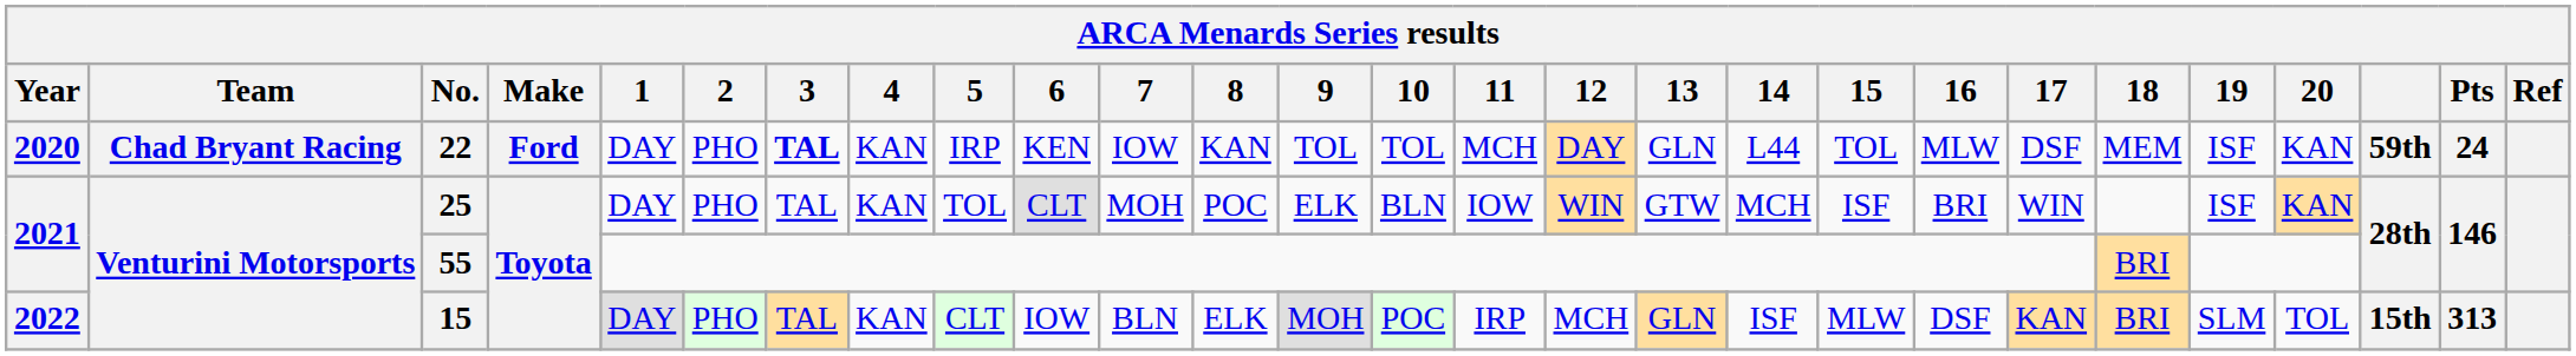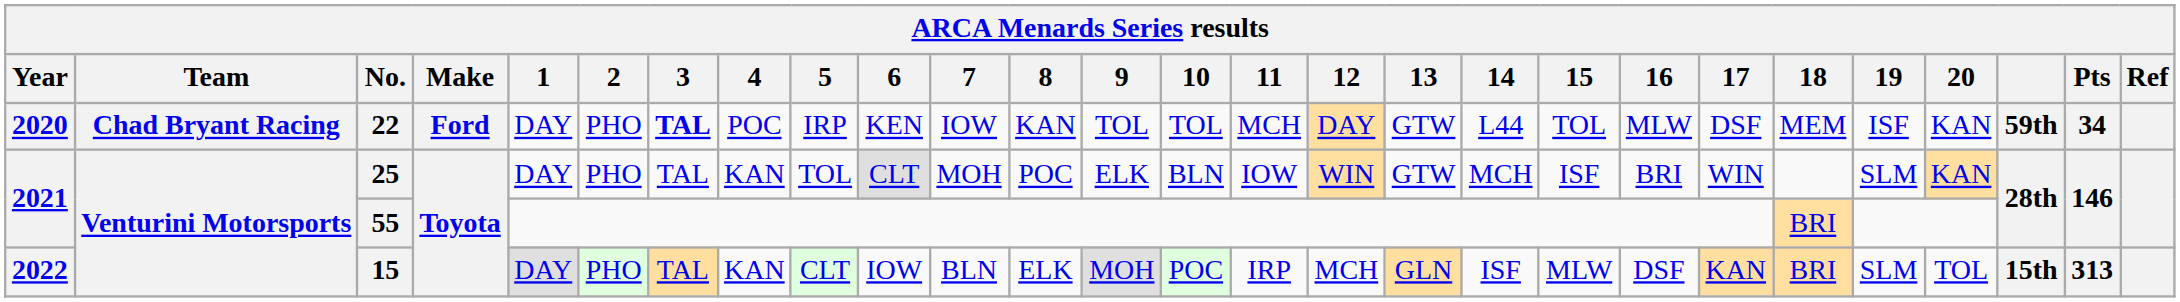 <table class="wikitable" style="text-align:center; font-size:75%">
 <tr>
 <th colspan=27><a href='#'>ARCA Menards Series</a> results</th>
 </tr>
 <tr>
 <th>Year</th>
 <th>Team</th>
 <th>No.</th>
 <th>Make</th>
 <th>1</th>
 <th>2</th>
 <th>3</th>
 <th>4</th>
 <th>5</th>
 <th>6</th>
 <th>7</th>
 <th>8</th>
 <th>9</th>
 <th>10</th>
 <th>11</th>
 <th>12</th>
 <th>13</th>
 <th>14</th>
 <th>15</th>
 <th>16</th>
 <th>17</th>
 <th>18</th>
 <th>19</th>
 <th>20</th>
 <th></th>
 <th>Pts</th>
 <th>Ref</th>
 </tr>
 <tr>
 <th><a href='#'>2020</a></th>
 <th><a href='#'>Chad Bryant Racing</a></th>
 <th>22</th>
 <th><a href='#'>Ford</a></th>
 <td><a href='#'>DAY</a></td>
 <td><a href='#'>PHO</a></td>
 <td><strong><a href='#'>TAL</a></strong></td>
-<td><a href='#'>KAN</a></td>
+<td><a href='#'>POC</a></td>
 <td><a href='#'>IRP</a></td>
 <td><a href='#'>KEN</a></td>
 <td><a href='#'>IOW</a></td>
 <td><a href='#'>KAN</a></td>
 <td><a href='#'>TOL</a></td>
 <td><a href='#'>TOL</a></td>
 <td><a href='#'>MCH</a></td>
 <td style="background:#FFDF9F;"><a href='#'>DAY</a><br></td>
-<td><a href='#'>GLN</a></td>
+<td><a href='#'>GTW</a></td>
 <td><a href='#'>L44</a></td>
 <td><a href='#'>TOL</a></td>
 <td><a href='#'>MLW</a></td>
 <td><a href='#'>DSF</a></td>
 <td><a href='#'>MEM</a></td>
 <td><a href='#'>ISF</a></td>
 <td><a href='#'>KAN</a></td>
 <th>59th</th>
-<th>24</th>
+<th>34</th>
 <th></th>
 </tr>
 <tr>
 <th rowspan=2><a href='#'>2021</a></th>
 <th rowspan=3><a href='#'>Venturini Motorsports</a></th>
 <th>25</th>
 <th rowspan=3><a href='#'>Toyota</a></th>
 <td><a href='#'>DAY</a></td>
 <td><a href='#'>PHO</a></td>
 <td><a href='#'>TAL</a></td>
 <td><a href='#'>KAN</a></td>
 <td><a href='#'>TOL</a></td>
 <td style="background:#DFDFDF;"><a href='#'>CLT</a><br></td>
 <td><a href='#'>MOH</a></td>
 <td><a href='#'>POC</a></td>
 <td><a href='#'>ELK</a></td>
 <td><a href='#'>BLN</a></td>
 <td><a href='#'>IOW</a></td>
 <td style="background:#FFDF9F;"><a href='#'>WIN</a><br></td>
 <td><a href='#'>GTW</a></td>
 <td><a href='#'>MCH</a></td>
 <td><a href='#'>ISF</a></td>
 <td><a href='#'>BRI</a></td>
 <td><a href='#'>WIN</a></td>
 <td colspan=1></td>
-<td><a href='#'>ISF</a></td>
+<td><a href='#'>SLM</a></td>
 <td style="background:#FFDF9F;'"><a href='#'>KAN</a><br></td>
 <th rowspan=2>28th</th>
 <th rowspan=2>146</th>
 <th rowspan=2></th>
 </tr>
 <tr>
 <th>55</th>
 <td colspan=17></td>
 <td style="background:#FFDF9F;"><a href='#'>BRI</a><br></td>
 <td colspan=2></td>
 </tr>
 <tr>
 <th><a href='#'>2022</a></th>
 <th>15</th>
 <td style="background:#DFDFDF;"><a href='#'>DAY</a><br></td>
 <td style="background:#DFFFDF;"><a href='#'>PHO</a><br></td>
 <td style="background:#FFDF9F;"><a href='#'>TAL</a><br></td>
 <td><a href='#'>KAN</a></td>
 <td style="background:#DFFFDF;"><a href='#'>CLT</a><br></td>
 <td><a href='#'>IOW</a></td>
 <td><a href='#'>BLN</a></td>
 <td><a href='#'>ELK</a></td>
 <td style="background:#DFDFDF;"><a href='#'>MOH</a><br></td>
 <td style="background:#DFFFDF;"><a href='#'>POC</a><br></td>
 <td><a href='#'>IRP</a></td>
 <td><a href='#'>MCH</a></td>
 <td style="background:#FFDF9F;"><a href='#'>GLN</a><br></td>
 <td><a href='#'>ISF</a></td>
 <td><a href='#'>MLW</a></td>
 <td><a href='#'>DSF</a></td>
 <td style="background:#FFDF9F;"><a href='#'>KAN</a><br></td>
 <td style="background:#FFDF9F;"><a href='#'>BRI</a><br></td>
 <td><a href='#'>SLM</a></td>
 <td><a href='#'>TOL</a></td>
 <th>15th</th>
 <th>313</th>
 <th></th>
 </tr>
 </table>
